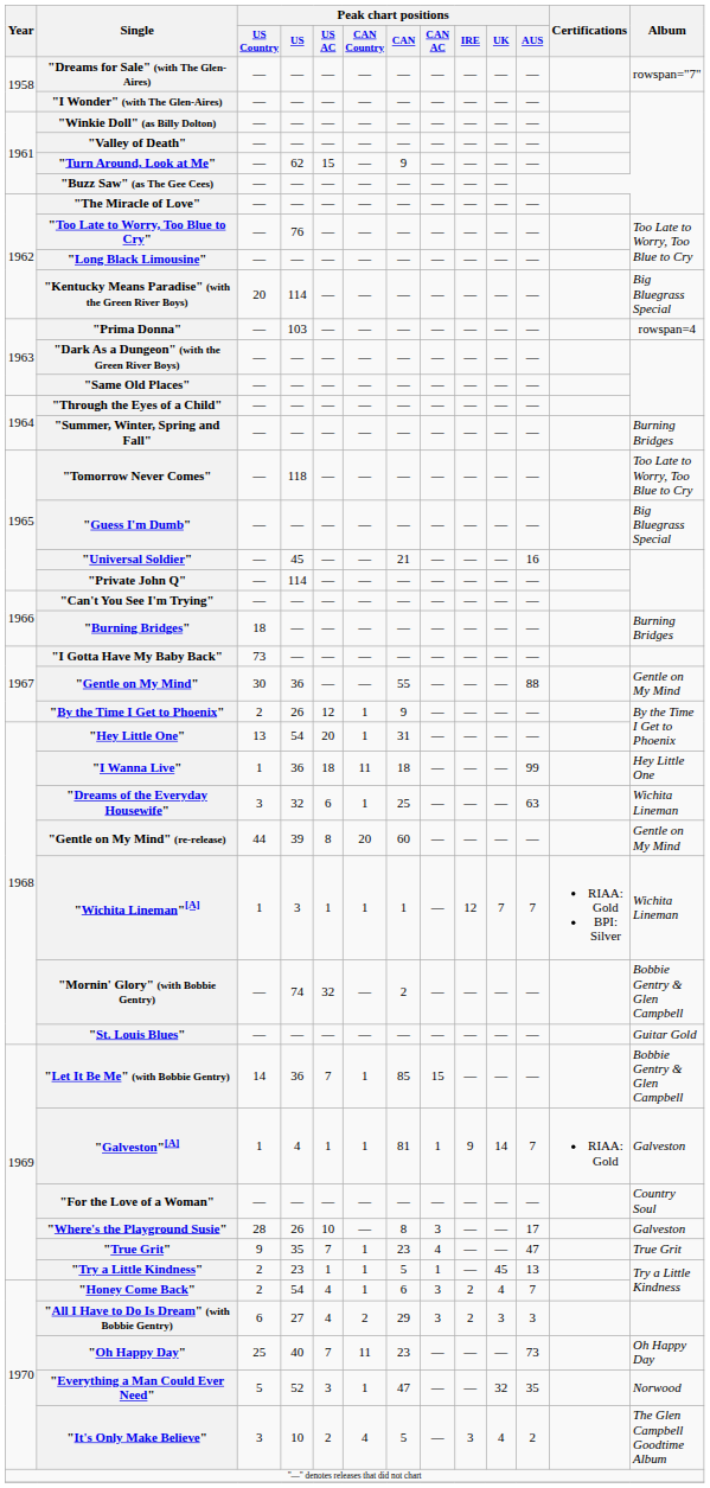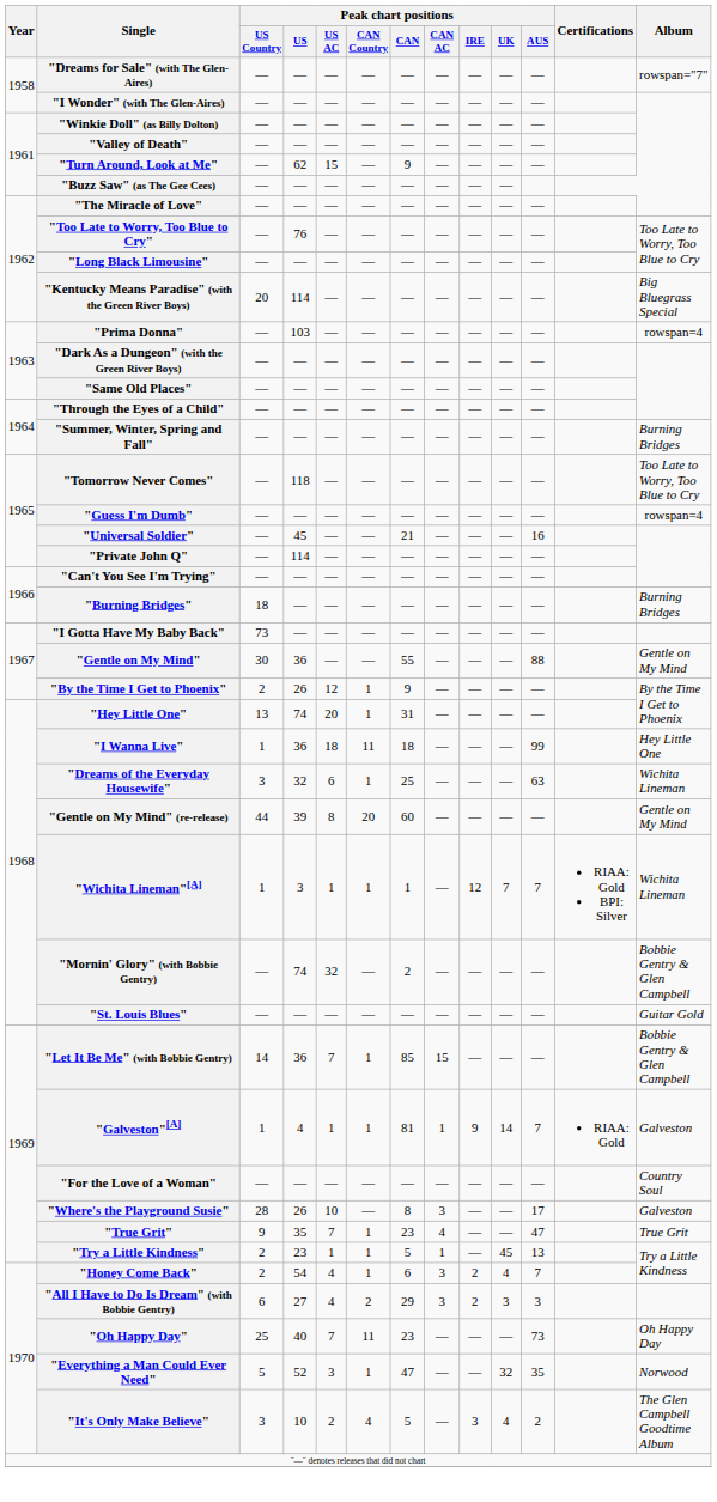 <table class="wikitable plainrowheaders" style="text-align:center;">
 <tr>
 <th rowspan="2">Year</th>
 <th rowspan="2" style="width:28em;">Single</th>
 <th colspan="9">Peak chart positions</th>
 <th rowspan="2">Certifications</th>
 <th rowspan="2">Album</th>
 </tr>
 <tr style="font-size:smaller;">
 <th width="45"><a href='#'>US Country</a><br></th>
 <th width="45"><a href='#'>US</a><br></th>
 <th width="45"><a href='#'>US AC</a><br></th>
 <th width="45"><a href='#'>CAN Country</a><br></th>
 <th width="45"><a href='#'>CAN</a><br></th>
 <th width="45"><a href='#'>CAN AC</a><br></th>
 <th width="45"><a href='#'>IRE</a><br></th>
 <th width="45"><a href='#'>UK</a></th>
 <th width="45"><a href='#'>AUS</a></th>
 </tr>
 <tr>
 <td rowspan="2">1958</td>
 <th scope="row">"Dreams for Sale" <small>(with The Glen-Aires)</small></th>
 <td>—</td>
 <td>—</td>
 <td>—</td>
 <td>—</td>
 <td>—</td>
 <td>—</td>
 <td>—</td>
 <td>—</td>
 <td>—</td>
 <td></td>
 <td>rowspan="7" </td>
 </tr>
 <tr>
 <th scope="row">"I Wonder" <small>(with The Glen-Aires)</small></th>
 <td>—</td>
 <td>—</td>
 <td>—</td>
 <td>—</td>
 <td>—</td>
 <td>—</td>
 <td>—</td>
 <td>—</td>
 <td>—</td>
 <td></td>
 </tr>
 <tr>
 <td rowspan="4">1961</td>
 <th scope="row">"Winkie Doll" <small>(as Billy Dolton)</small></th>
 <td>—</td>
 <td>—</td>
 <td>—</td>
 <td>—</td>
 <td>—</td>
 <td>—</td>
 <td>—</td>
 <td>—</td>
 <td>—</td>
 <td></td>
 </tr>
 <tr>
 <th scope="row">"Valley of Death"</th>
 <td>—</td>
 <td>—</td>
 <td>—</td>
 <td>—</td>
 <td>—</td>
 <td>—</td>
 <td>—</td>
 <td>—</td>
 <td>—</td>
 <td></td>
 </tr>
 <tr>
 <th scope="row">"<a href='#'>Turn Around, Look at Me</a>"</th>
 <td>—</td>
 <td>62</td>
 <td>15</td>
 <td>—</td>
 <td>9<br></td>
 <td>—</td>
 <td>—</td>
 <td>—</td>
 <td>—</td>
 <td></td>
 </tr>
 <tr>
 <th scope="row">"Buzz Saw" <small>(as The Gee Cees)</small></th>
 <td —>—</td>
 <td>—</td>
 <td>—</td>
 <td>—</td>
 <td>—</td>
 <td>—</td>
 <td>—</td>
 <td>—</td>
 <td></td>
 </tr>
 <tr>
 <td rowspan="4">1962</td>
 <th scope="row">"The Miracle of Love"</th>
 <td>—</td>
 <td>—</td>
 <td>—</td>
 <td>—</td>
 <td>—</td>
 <td>—</td>
 <td>—</td>
 <td>—</td>
 <td>—</td>
 <td></td>
 </tr>
 <tr>
 <th scope="row">"<a href='#'>Too Late to Worry, Too Blue to Cry</a>"</th>
 <td>—</td>
 <td>76</td>
 <td>—</td>
 <td>—</td>
 <td>—</td>
 <td>—</td>
 <td>—</td>
 <td>—</td>
 <td>—</td>
 <td></td>
 <td align="left" rowspan="2"><em>Too Late to Worry, Too Blue to Cry</em></td>
 </tr>
 <tr>
 <th scope="row">"<a href='#'>Long Black Limousine</a>"</th>
 <td>—</td>
 <td>—</td>
 <td>—</td>
 <td>—</td>
 <td>—</td>
 <td>—</td>
 <td>—</td>
 <td>—</td>
 <td>—</td>
 <td></td>
 </tr>
 <tr>
 <th scope="row">"Kentucky Means Paradise" <small>(with the Green River Boys)</small></th>
 <td>20</td>
 <td>114</td>
 <td>—</td>
 <td>—</td>
 <td>—</td>
 <td>—</td>
 <td>—</td>
 <td>—</td>
 <td>—</td>
 <td></td>
 <td align="left"><em>Big Bluegrass Special</em></td>
 </tr>
 <tr>
 <td rowspan="3">1963</td>
 <th scope="row">"Prima Donna"</th>
 <td>—</td>
 <td>103</td>
 <td>—</td>
 <td>—</td>
 <td>—</td>
 <td>—</td>
 <td>—</td>
 <td>—</td>
 <td>—</td>
 <td></td>
 <td>rowspan=4 </td>
 </tr>
 <tr>
 <th scope="row">"Dark As a Dungeon" <small>(with the Green River Boys)</small></th>
 <td>—</td>
 <td>—</td>
 <td>—</td>
 <td>—</td>
 <td>—</td>
 <td>—</td>
 <td>—</td>
 <td>—</td>
 <td>—</td>
 <td></td>
 </tr>
 <tr>
 <th scope="row">"Same Old Places"</th>
 <td>—</td>
 <td>—</td>
 <td>—</td>
 <td>—</td>
 <td>—</td>
 <td>—</td>
 <td>—</td>
 <td>—</td>
 <td>—</td>
 <td></td>
 </tr>
 <tr>
 <td rowspan="2">1964</td>
 <th scope="row">"Through the Eyes of a Child"</th>
 <td>—</td>
 <td>—</td>
 <td>—</td>
 <td>—</td>
 <td>—</td>
 <td>—</td>
 <td>—</td>
 <td>—</td>
 <td>—</td>
 <td></td>
 </tr>
 <tr>
 <th scope="row">"Summer, Winter, Spring and Fall"</th>
 <td>—</td>
 <td>—</td>
 <td>—</td>
 <td>—</td>
 <td>—</td>
 <td>—</td>
 <td>—</td>
 <td>—</td>
 <td>—</td>
 <td></td>
 <td align="left"><em>Burning Bridges</em></td>
 </tr>
 <tr>
 <td rowspan="4">1965</td>
 <th scope="row">"Tomorrow Never Comes"</th>
 <td>—</td>
 <td>118</td>
 <td>—</td>
 <td>—</td>
 <td>—</td>
 <td>—</td>
 <td>—</td>
 <td>—</td>
 <td>—</td>
 <td></td>
 <td align="left"><em>Too Late to Worry, Too Blue to Cry</em></td>
 </tr>
 <tr>
 <th scope="row">"<a href='#'>Guess I'm Dumb</a>"</th>
 <td>—</td>
 <td>—</td>
 <td>—</td>
 <td>—</td>
 <td>—</td>
 <td>—</td>
 <td>—</td>
 <td>—</td>
 <td>—</td>
 <td></td>
-<td align="left"><em>Big Bluegrass Special</em></td>
+<td>rowspan=4 </td>
 </tr>
 <tr>
 <th scope="row">"<a href='#'>Universal Soldier</a>"</th>
 <td>—</td>
 <td>45</td>
 <td>—</td>
 <td>—</td>
 <td>21</td>
 <td>—</td>
 <td>—</td>
 <td>—</td>
 <td>16</td>
 <td></td>
 </tr>
 <tr>
 <th scope="row">"Private John Q"</th>
 <td>—</td>
 <td>114</td>
 <td>—</td>
 <td>—</td>
 <td>—</td>
 <td>—</td>
 <td>—</td>
 <td>—</td>
 <td>—</td>
 <td></td>
 </tr>
 <tr>
 <td rowspan="2">1966</td>
 <th scope="row">"Can't You See I'm Trying"</th>
 <td>—</td>
 <td>—</td>
 <td>—</td>
 <td>—</td>
 <td>—</td>
 <td>—</td>
 <td>—</td>
 <td>—</td>
 <td>—</td>
 <td></td>
 </tr>
 <tr>
 <th scope="row">"<a href='#'>Burning Bridges</a>"</th>
 <td>18</td>
 <td>—</td>
 <td>—</td>
 <td>—</td>
 <td>—</td>
 <td>—</td>
 <td>—</td>
 <td>—</td>
 <td>—</td>
 <td></td>
 <td align="left"><em>Burning Bridges</em></td>
 </tr>
 <tr>
 <td rowspan="3">1967</td>
 <th scope="row">"I Gotta Have My Baby Back"</th>
 <td>73</td>
 <td>—</td>
 <td>—</td>
 <td>—</td>
 <td>—</td>
 <td>—</td>
 <td>—</td>
 <td>—</td>
 <td>—</td>
 <td></td>
 <td></td>
 </tr>
 <tr>
 <th scope="row">"<a href='#'>Gentle on My Mind</a>"</th>
 <td>30</td>
 <td>36</td>
 <td>—</td>
 <td>—</td>
 <td>55</td>
 <td>—</td>
 <td>—</td>
 <td>—</td>
 <td>88</td>
 <td></td>
 <td align="left"><em>Gentle on My Mind</em></td>
 </tr>
 <tr>
 <th scope="row">"<a href='#'>By the Time I Get to Phoenix</a>"</th>
 <td>2</td>
 <td>26</td>
 <td>12</td>
 <td>1</td>
 <td>9</td>
 <td>—</td>
 <td>—</td>
 <td>—</td>
 <td>—</td>
 <td></td>
 <td align="left" rowspan="2"><em>By the Time I Get to Phoenix</em></td>
 </tr>
 <tr>
 <td rowspan="7">1968</td>
 <th scope="row">"<a href='#'>Hey Little One</a>"</th>
 <td>13</td>
-<td>54</td>
+<td>74</td>
 <td>20</td>
 <td>1</td>
 <td>31</td>
 <td>—</td>
 <td>—</td>
 <td>—</td>
 <td>—</td>
 <td></td>
 </tr>
 <tr>
 <th scope="row">"<a href='#'>I Wanna Live</a>"</th>
 <td>1</td>
 <td>36</td>
 <td>18</td>
 <td>11</td>
 <td>18</td>
 <td>—</td>
 <td>—</td>
 <td>—</td>
 <td>99</td>
 <td></td>
 <td align="left"><em>Hey Little One</em></td>
 </tr>
 <tr>
 <th scope="row">"<a href='#'>Dreams of the Everyday Housewife</a>"</th>
 <td>3</td>
 <td>32</td>
 <td>6</td>
 <td>1</td>
 <td>25</td>
 <td>—</td>
 <td>—</td>
 <td>—</td>
 <td>63</td>
 <td></td>
 <td align="left"><em>Wichita Lineman</em></td>
 </tr>
 <tr>
 <th scope="row">"Gentle on My Mind" <small>(re-release)</small></th>
 <td>44</td>
 <td>39</td>
 <td>8</td>
 <td>20</td>
 <td>60</td>
 <td>—</td>
 <td>—</td>
 <td>—</td>
 <td>—</td>
 <td></td>
 <td align="left"><em>Gentle on My Mind</em></td>
 </tr>
 <tr>
 <th scope="row">"<a href='#'>Wichita Lineman</a>"<sup><span></span><a href='#'><strong>[A]</strong></a></sup></th>
 <td>1</td>
 <td>3</td>
 <td>1</td>
 <td>1</td>
 <td>1</td>
 <td>—</td>
 <td>12</td>
 <td>7</td>
 <td>7</td>
 <td><br><ul><li>RIAA: Gold</li><li>BPI: Silver</li></ul></td>
 <td align="left"><em>Wichita Lineman</em></td>
 </tr>
 <tr>
 <th scope="row">"Mornin' Glory" <small>(with Bobbie Gentry)</small></th>
 <td>—</td>
 <td>74</td>
 <td>32</td>
 <td>—</td>
 <td>2</td>
 <td>—</td>
 <td>—</td>
 <td>—</td>
 <td>—</td>
 <td></td>
 <td align="left" rowspan="1"><em>Bobbie Gentry & Glen Campbell</em></td>
 </tr>
 <tr>
 <th scope="row">"<a href='#'>St. Louis Blues</a>"</th>
 <td>—</td>
 <td>—</td>
 <td>—</td>
 <td>—</td>
 <td>—</td>
 <td>—</td>
 <td>—</td>
 <td>—</td>
 <td>—</td>
 <td></td>
 <td align="left"><em>Guitar Gold</em></td>
 </tr>
 <tr>
 <td rowspan="6">1969</td>
 <th scope="row">"<a href='#'>Let It Be Me</a>" <small>(with Bobbie Gentry)</small></th>
 <td>14</td>
 <td>36</td>
 <td>7</td>
 <td>1</td>
 <td>85</td>
 <td>15</td>
 <td>—</td>
 <td>—</td>
 <td>—</td>
 <td></td>
 <td align="left" rowspan="1"><em>Bobbie Gentry & Glen Campbell</em></td>
 </tr>
 <tr>
 <th scope="row">"<a href='#'>Galveston</a>"<sup><span></span><a href='#'><strong>[A]</strong></a></sup></th>
 <td>1</td>
 <td>4</td>
 <td>1</td>
 <td>1</td>
 <td>81</td>
 <td>1</td>
 <td>9</td>
 <td>14</td>
 <td>7</td>
 <td><br><ul><li>RIAA: Gold</li></ul></td>
 <td align="left" rowspan="1"><em>Galveston</em></td>
 </tr>
 <tr>
 <th scope="row">"For the Love of a Woman"</th>
 <td>—</td>
 <td>—</td>
 <td>—</td>
 <td>—</td>
 <td>—</td>
 <td>—</td>
 <td>—</td>
 <td>—</td>
 <td>—</td>
 <td></td>
 <td align="left"><em>Country Soul</em></td>
 </tr>
 <tr>
 <th scope="row">"<a href='#'>Where's the Playground Susie</a>"</th>
 <td>28</td>
 <td>26</td>
 <td>10</td>
 <td>—</td>
 <td>8</td>
 <td>3</td>
 <td>—</td>
 <td>—</td>
 <td>17</td>
 <td></td>
 <td align="left" rowspan="1"><em>Galveston</em></td>
 </tr>
 <tr>
 <th scope="row">"<a href='#'>True Grit</a>"</th>
 <td>9</td>
 <td>35</td>
 <td>7</td>
 <td>1</td>
 <td>23</td>
 <td>4</td>
 <td>—</td>
 <td>—</td>
 <td>47</td>
 <td></td>
 <td align="left"><em>True Grit</em></td>
 </tr>
 <tr>
 <th scope="row">"<a href='#'>Try a Little Kindness</a>"</th>
 <td>2</td>
 <td>23</td>
 <td>1</td>
 <td>1</td>
 <td>5</td>
 <td>1</td>
 <td>—</td>
 <td>45</td>
 <td>13</td>
 <td></td>
 <td align="left" rowspan="2"><em>Try a Little Kindness</em></td>
 </tr>
 <tr>
 <td rowspan="5">1970</td>
 <th scope="row">"<a href='#'>Honey Come Back</a>"</th>
 <td>2</td>
 <td>54</td>
 <td>4</td>
 <td>1</td>
 <td>6</td>
 <td>3</td>
 <td>2</td>
 <td>4</td>
 <td>7</td>
 <td></td>
 </tr>
 <tr>
 <th scope="row">"<a href='#'>All I Have to Do Is Dream</a>" <small>(with Bobbie Gentry)</small></th>
 <td>6</td>
 <td>27</td>
 <td>4</td>
 <td>2</td>
 <td>29</td>
 <td>3</td>
 <td>2</td>
 <td>3</td>
 <td>3</td>
 <td></td>
 <td></td>
 </tr>
 <tr>
 <th scope="row">"<a href='#'>Oh Happy Day</a>"</th>
 <td>25</td>
 <td>40</td>
 <td>7</td>
 <td>11</td>
 <td>23</td>
 <td>—</td>
 <td>—</td>
 <td>—</td>
 <td>73</td>
 <td></td>
 <td align="left"><em>Oh Happy Day</em></td>
 </tr>
 <tr>
 <th scope="row">"<a href='#'>Everything a Man Could Ever Need</a>"</th>
 <td>5</td>
 <td>52</td>
 <td>3</td>
 <td>1</td>
 <td>47</td>
 <td>—</td>
 <td>—</td>
 <td>32</td>
 <td>35</td>
 <td></td>
 <td align="left"><em>Norwood</em></td>
 </tr>
 <tr>
 <th scope="row">"<a href='#'>It's Only Make Believe</a>"</th>
 <td>3</td>
 <td>10</td>
 <td>2</td>
 <td>4</td>
 <td>5</td>
 <td>—</td>
 <td>3</td>
 <td>4</td>
 <td>2</td>
 <td></td>
 <td align="left"><em>The Glen Campbell Goodtime Album</em></td>
 </tr>
 <tr>
 <td colspan="13" style="font-size:8pt">"—" denotes releases that did not chart</td>
 </tr>
 <tr>
 </tr>
 </table>
